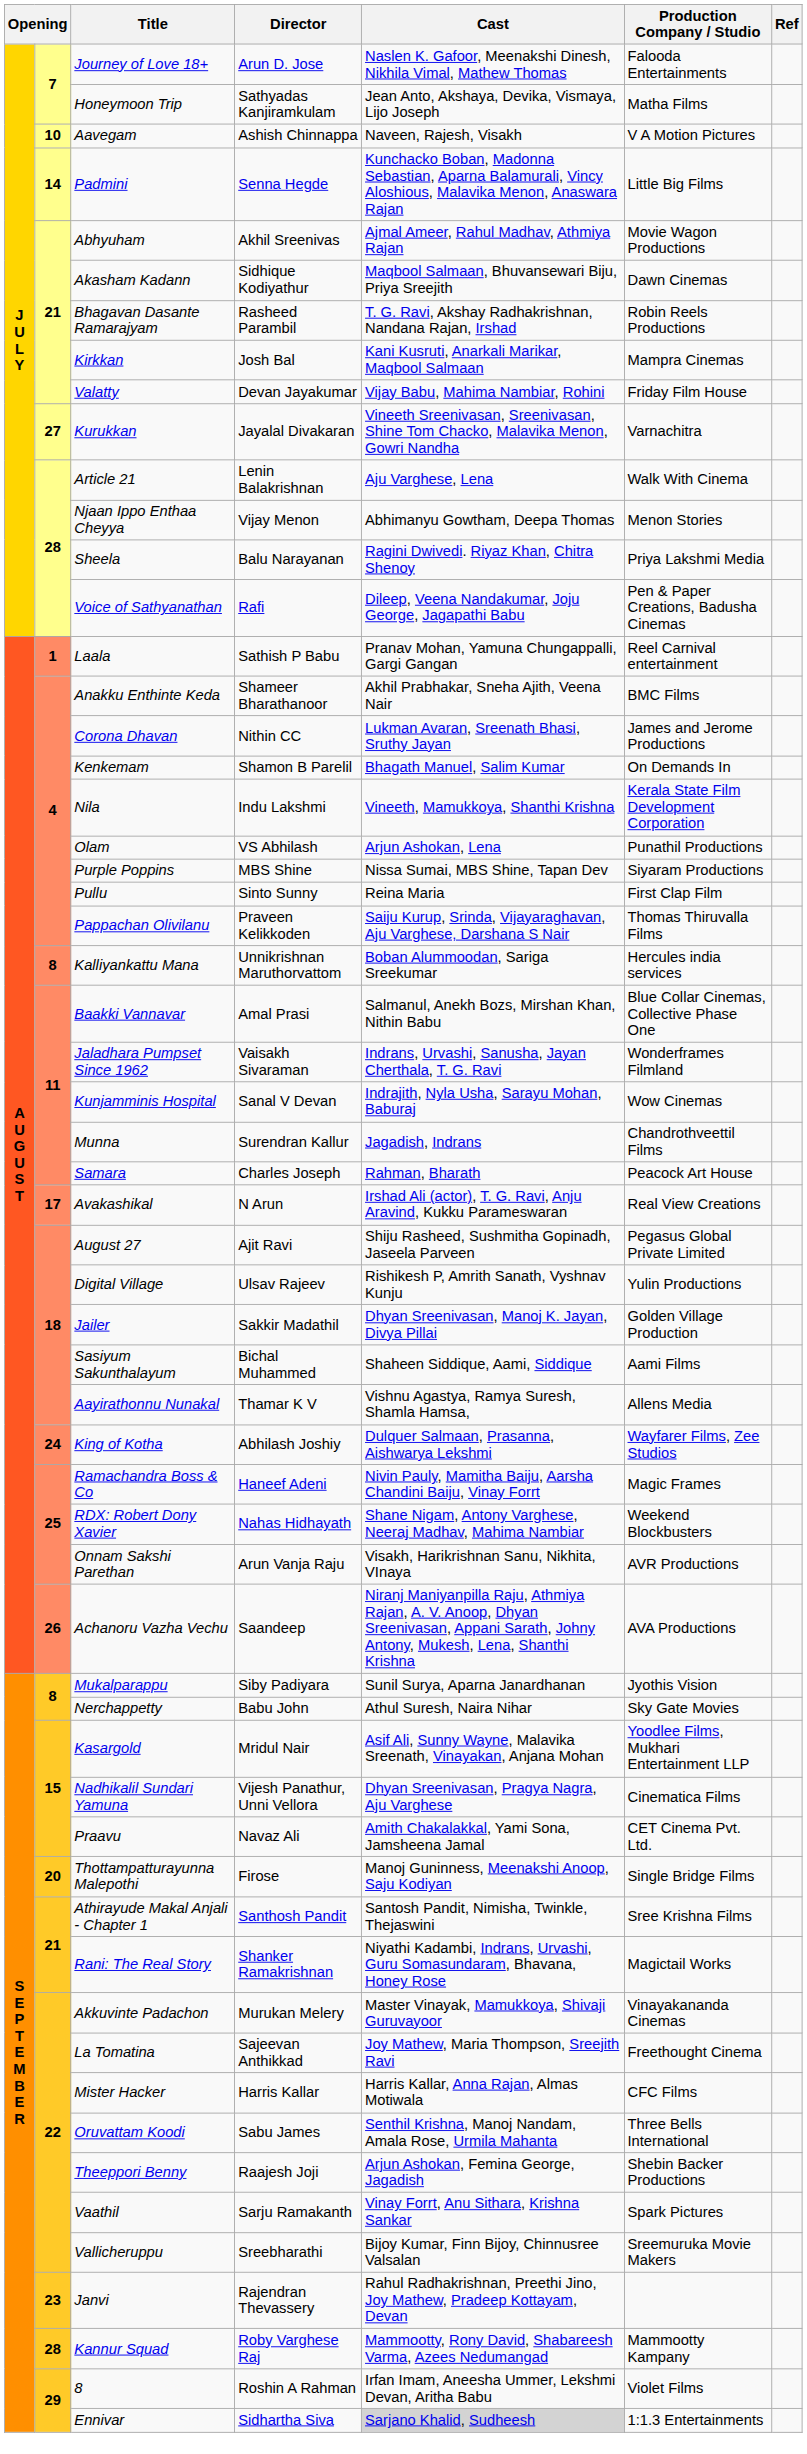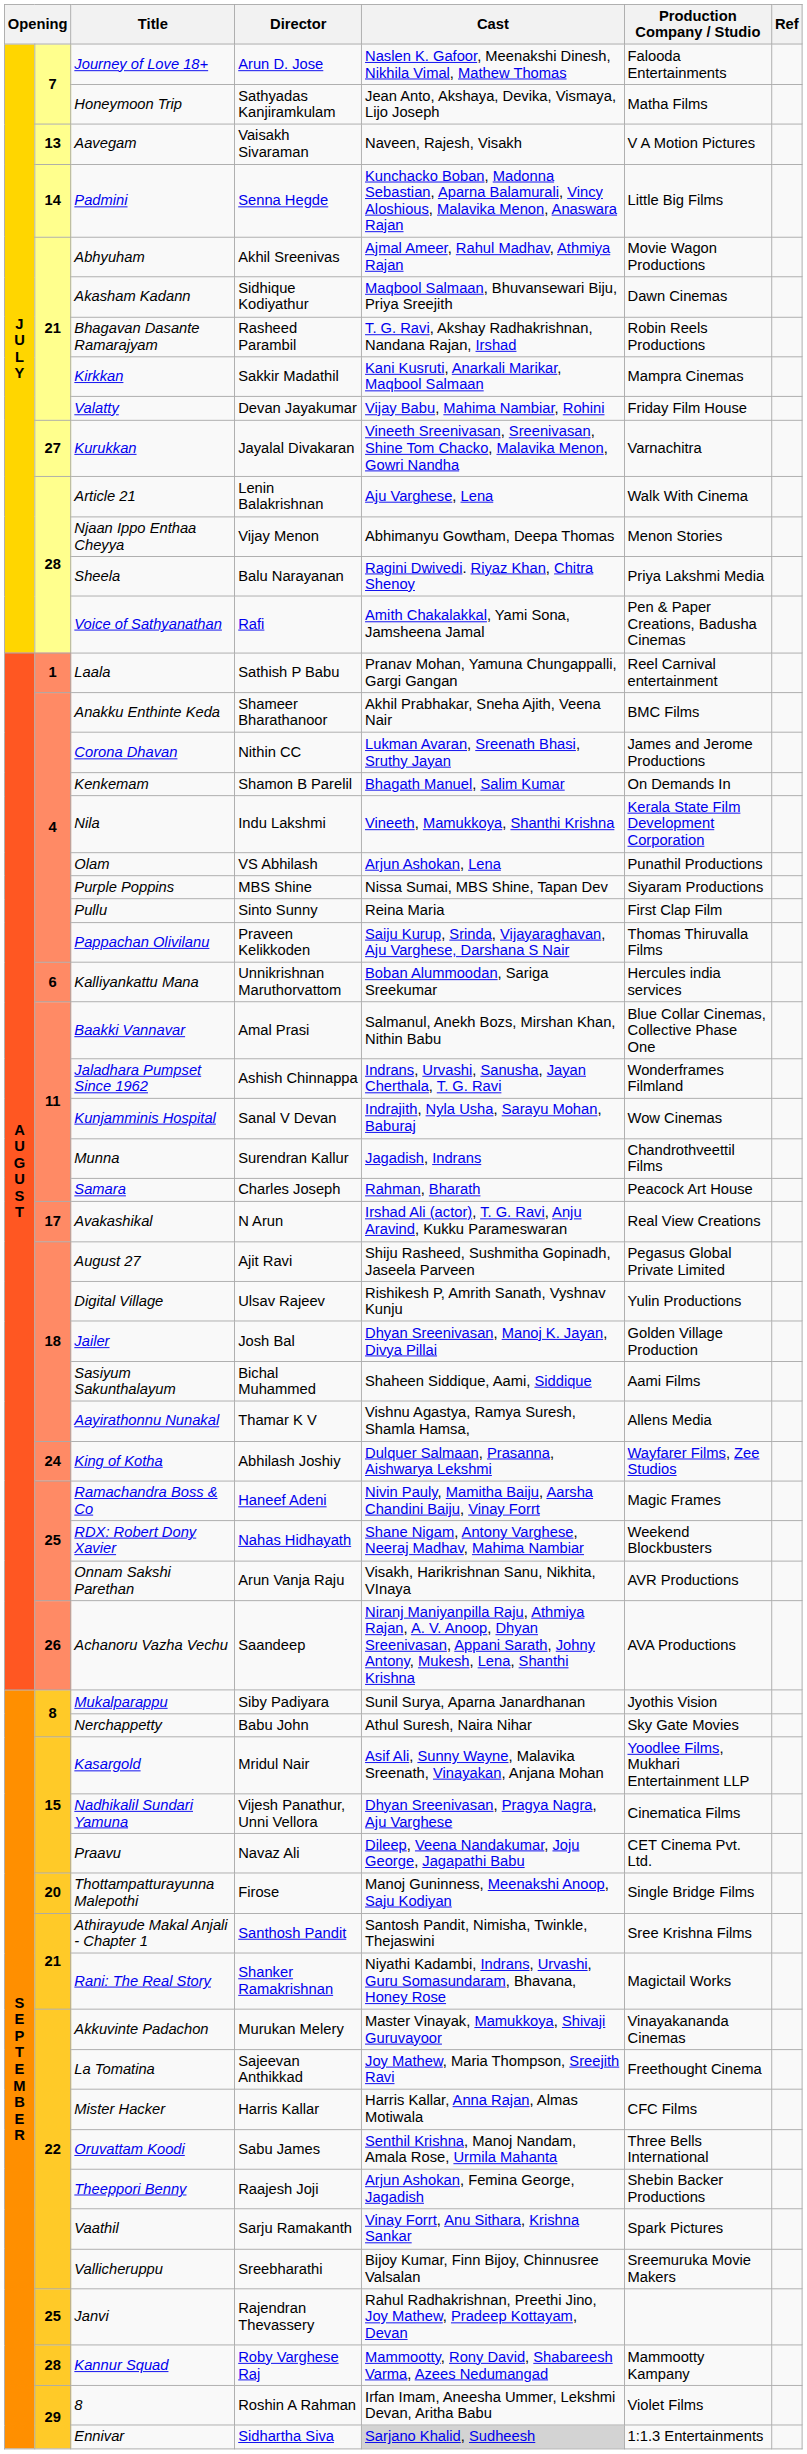 <table class="wikitable sortable">
 <tr>
 <th colspan="2" class="unsortable">Opening</th>
 <th>Title</th>
 <th>Director</th>
 <th>Cast</th>
 <th>Production Company / Studio</th>
 <th>Ref</th>
 </tr>
 <tr>
 <td rowspan="14" style="text-align:center; background:#FFD600; textcolor:#000;"><strong>J<br>U<br>L<br>Y</strong></td>
 <td rowspan="2" style="text-align:center;background:#FFFF8D;"><strong>7</strong></td>
 <td><em><a href='#'>Journey of Love 18+</a></em></td>
 <td><a href='#'>Arun D. Jose</a></td>
 <td><a href='#'>Naslen K. Gafoor</a>, Meenakshi Dinesh, <a href='#'>Nikhila Vimal</a>, <a href='#'>Mathew Thomas</a></td>
 <td>Falooda Entertainments</td>
 <td></td>
 </tr>
 <tr>
 <td><em>Honeymoon Trip</em></td>
 <td>Sathyadas Kanjiramkulam</td>
 <td>Jean Anto, Akshaya, Devika, Vismaya, Lijo Joseph</td>
 <td>Matha Films</td>
 <td></td>
 </tr>
 <tr>
-<td rowspan="1" style="text-align:center;background:#FFFF8D;"><strong>10</strong></td>
+<td rowspan="1" style="text-align:center;background:#FFFF8D;"><strong>13</strong></td>
 <td><em>Aavegam</em></td>
-<td>Ashish Chinnappa</td>
+<td>Vaisakh Sivaraman</td>
 <td>Naveen, Rajesh, Visakh</td>
 <td>V A Motion Pictures</td>
 <td></td>
 </tr>
 <tr>
 <td rowspan="1" style="text-align:center;background:#FFFF8D;"><strong>14</strong></td>
 <td><em><a href='#'>Padmini</a></em></td>
 <td><a href='#'>Senna Hegde</a></td>
 <td><a href='#'>Kunchacko Boban</a>, <a href='#'>Madonna Sebastian</a>, <a href='#'>Aparna Balamurali</a>, <a href='#'>Vincy Aloshious</a>, <a href='#'>Malavika Menon</a>, <a href='#'>Anaswara Rajan</a></td>
 <td>Little Big Films</td>
 <td></td>
 </tr>
 <tr>
 <td rowspan="5" style="text-align:center;background:#FFFF8D;"><strong>21</strong></td>
 <td><em>Abhyuham</em></td>
 <td>Akhil Sreenivas</td>
 <td><a href='#'>Ajmal Ameer</a>, <a href='#'>Rahul Madhav</a>, <a href='#'>Athmiya Rajan</a></td>
 <td>Movie Wagon Productions</td>
 <td></td>
 </tr>
 <tr>
 <td><em>Akasham Kadann</em></td>
 <td>Sidhique Kodiyathur</td>
 <td><a href='#'>Maqbool Salmaan</a>, Bhuvansewari Biju, Priya Sreejith</td>
 <td>Dawn Cinemas</td>
 <td></td>
 </tr>
 <tr>
 <td><em>Bhagavan Dasante Ramarajyam</em></td>
 <td>Rasheed Parambil</td>
 <td><a href='#'>T. G. Ravi</a>, Akshay Radhakrishnan, Nandana Rajan, <a href='#'>Irshad</a></td>
 <td>Robin Reels Productions</td>
 <td></td>
 </tr>
 <tr>
 <td><em><a href='#'>Kirkkan</a></em></td>
-<td>Josh Bal</td>
+<td>Sakkir Madathil</td>
 <td><a href='#'>Kani Kusruti</a>, <a href='#'>Anarkali Marikar</a>, <a href='#'>Maqbool Salmaan</a></td>
 <td>Mampra Cinemas</td>
 <td></td>
 </tr>
 <tr>
 <td><em><a href='#'>Valatty</a></em></td>
 <td>Devan Jayakumar</td>
 <td><a href='#'>Vijay Babu</a>, <a href='#'>Mahima Nambiar</a>, <a href='#'>Rohini</a></td>
 <td>Friday Film House</td>
 <td></td>
 </tr>
 <tr>
 <td style="text-align:center;background:#FFFF8D;"><strong>27</strong></td>
 <td><em><a href='#'>Kurukkan</a></em></td>
 <td>Jayalal Divakaran</td>
 <td><a href='#'>Vineeth Sreenivasan</a>, <a href='#'>Sreenivasan</a>, <a href='#'>Shine Tom Chacko</a>, <a href='#'>Malavika Menon</a>, <a href='#'>Gowri Nandha</a></td>
 <td>Varnachitra</td>
 <td></td>
 </tr>
 <tr>
 <td rowspan="4" style="text-align:center;background:#FFFF8D;"><strong>28</strong></td>
 <td><em>Article 21</em></td>
 <td>Lenin Balakrishnan</td>
 <td><a href='#'>Aju Varghese</a>, <a href='#'>Lena</a></td>
 <td>Walk With Cinema</td>
 <td></td>
 </tr>
 <tr>
 <td><em>Njaan Ippo Enthaa Cheyya</em></td>
 <td>Vijay Menon</td>
 <td>Abhimanyu Gowtham, Deepa Thomas</td>
 <td>Menon Stories</td>
 <td></td>
 </tr>
 <tr>
 <td><em>Sheela</em></td>
 <td>Balu Narayanan</td>
 <td><a href='#'>Ragini Dwivedi</a>. <a href='#'>Riyaz Khan</a>, <a href='#'>Chitra Shenoy</a></td>
 <td>Priya Lakshmi Media</td>
 <td></td>
 </tr>
 <tr>
 <td><em><a href='#'>Voice of Sathyanathan</a></em></td>
 <td><a href='#'>Rafi</a></td>
-<td><a href='#'>Dileep</a>, <a href='#'>Veena Nandakumar</a>, <a href='#'>Joju George</a>, <a href='#'>Jagapathi Babu</a></td>
+<td><a href='#'>Amith Chakalakkal</a>, Yami Sona, Jamsheena Jamal</td>
 <td>Pen & Paper Creations, Badusha Cinemas</td>
 <td></td>
 </tr>
 <tr>
 <td rowspan="26" style="text-align:center;background:#FF5722; textcolor:#000;"><strong>A<br>U<br>G<br>U<br>S<br>T</strong></td>
 <td rowspan="1" style="text-align:center;background:#FF8A65;"><strong>1</strong></td>
 <td><em>Laala</em></td>
 <td>Sathish P Babu</td>
 <td>Pranav Mohan, Yamuna Chungappalli, Gargi Gangan</td>
 <td>Reel Carnival entertainment</td>
 <td></td>
 </tr>
 <tr>
 <td rowspan="8" style="text-align:center;background:#FF8A65;"><strong>4</strong></td>
 <td><em>Anakku Enthinte Keda</em></td>
 <td>Shameer Bharathanoor</td>
 <td>Akhil Prabhakar, Sneha Ajith, Veena Nair</td>
 <td>BMC Films</td>
 <td></td>
 </tr>
 <tr>
 <td><em><a href='#'>Corona Dhavan</a></em></td>
 <td>Nithin CC</td>
 <td><a href='#'>Lukman Avaran</a>, <a href='#'>Sreenath Bhasi</a>, <a href='#'>Sruthy Jayan</a></td>
 <td>James and Jerome Productions</td>
 <td></td>
 </tr>
 <tr>
 <td><em>Kenkemam</em></td>
 <td>Shamon B Parelil</td>
 <td><a href='#'>Bhagath Manuel</a>, <a href='#'>Salim Kumar</a></td>
 <td>On Demands In</td>
 <td></td>
 </tr>
 <tr>
 <td><em>Nila</em></td>
 <td>Indu Lakshmi</td>
 <td><a href='#'>Vineeth</a>, <a href='#'>Mamukkoya</a>, <a href='#'>Shanthi Krishna</a></td>
 <td><a href='#'>Kerala State Film Development Corporation</a></td>
 <td></td>
 </tr>
 <tr>
 <td><em>Olam</em></td>
 <td>VS Abhilash</td>
 <td><a href='#'>Arjun Ashokan</a>, <a href='#'>Lena</a></td>
 <td>Punathil Productions</td>
 <td></td>
 </tr>
 <tr>
 <td><em>Purple Poppins</em></td>
 <td>MBS Shine</td>
 <td>Nissa Sumai, MBS Shine, Tapan Dev</td>
 <td>Siyaram Productions</td>
 <td></td>
 </tr>
 <tr>
 <td><em>Pullu</em></td>
 <td>Sinto Sunny</td>
 <td>Reina Maria</td>
 <td>First Clap Film</td>
 <td></td>
 </tr>
 <tr>
 <td><em><a href='#'>Pappachan Olivilanu</a></em></td>
 <td>Praveen Kelikkoden</td>
 <td><a href='#'>Saiju Kurup</a>, <a href='#'>Srinda</a>, <a href='#'>Vijayaraghavan</a>, <a href='#'>Aju Varghese, Darshana S Nair</a></td>
 <td>Thomas Thiruvalla Films</td>
 <td></td>
 </tr>
 <tr>
-<td rowspan="1" style="text-align:center;background:#FF8A65;"><strong>8</strong></td>
+<td rowspan="1" style="text-align:center;background:#FF8A65;"><strong>6</strong></td>
 <td><em>Kalliyankattu Mana</em></td>
 <td>Unnikrishnan Maruthorvattom</td>
 <td><a href='#'>Boban Alummoodan</a>, Sariga Sreekumar</td>
 <td>Hercules india services</td>
 <td></td>
 </tr>
 <tr>
 <td rowspan="5" style="text-align:center;background:#FF8A65;"><strong>11</strong></td>
 <td><em><a href='#'>Baakki Vannavar</a></em></td>
 <td>Amal Prasi</td>
 <td>Salmanul, Anekh Bozs, Mirshan Khan, Nithin Babu</td>
 <td>Blue Collar Cinemas, Collective Phase One</td>
 <td></td>
 </tr>
 <tr>
 <td><em><a href='#'>Jaladhara Pumpset Since 1962</a></em></td>
-<td>Vaisakh Sivaraman</td>
+<td>Ashish Chinnappa</td>
 <td><a href='#'>Indrans</a>, <a href='#'>Urvashi</a>, <a href='#'>Sanusha</a>, <a href='#'>Jayan Cherthala</a>, <a href='#'>T. G. Ravi</a></td>
 <td>Wonderframes Filmland</td>
 <td></td>
 </tr>
 <tr>
 <td><em><a href='#'>Kunjamminis Hospital</a></em></td>
 <td>Sanal V Devan</td>
 <td><a href='#'>Indrajith</a>, <a href='#'>Nyla Usha</a>, <a href='#'>Sarayu Mohan</a>, <a href='#'>Baburaj</a></td>
 <td>Wow Cinemas</td>
 <td></td>
 </tr>
 <tr>
 <td><em>Munna</em></td>
 <td>Surendran Kallur</td>
 <td><a href='#'>Jagadish</a>, <a href='#'>Indrans</a></td>
 <td>Chandrothveettil Films</td>
 <td></td>
 </tr>
 <tr>
 <td><em><a href='#'>Samara</a></em></td>
 <td>Charles Joseph</td>
 <td><a href='#'>Rahman</a>, <a href='#'>Bharath</a></td>
 <td>Peacock Art House</td>
 <td></td>
 </tr>
 <tr>
 <td rowspan="1" style="text-align:center;background:#FF8A65;"><strong>17</strong></td>
 <td><em>Avakashikal</em></td>
 <td>N Arun</td>
 <td><a href='#'>Irshad Ali (actor)</a>, <a href='#'>T. G. Ravi</a>, <a href='#'>Anju Aravind</a>, Kukku Parameswaran</td>
 <td>Real View Creations</td>
 <td></td>
 </tr>
 <tr>
 <td rowspan="5" style="text-align:center;background:#FF8A65;"><strong>18</strong></td>
 <td><em>August 27</em></td>
 <td>Ajit Ravi</td>
 <td>Shiju Rasheed, Sushmitha Gopinadh, Jaseela Parveen</td>
 <td>Pegasus Global Private Limited</td>
 <td></td>
 </tr>
 <tr>
 <td><em>Digital Village</em></td>
 <td>Ulsav Rajeev</td>
 <td>Rishikesh P, Amrith Sanath, Vyshnav Kunju</td>
 <td>Yulin Productions</td>
 <td></td>
 </tr>
 <tr>
 <td><em><a href='#'>Jailer</a></em></td>
-<td>Sakkir Madathil</td>
+<td>Josh Bal</td>
 <td><a href='#'>Dhyan Sreenivasan</a>, <a href='#'>Manoj K. Jayan</a>, <a href='#'>Divya Pillai</a></td>
 <td>Golden Village Production</td>
 <td></td>
 </tr>
 <tr>
 <td><em>Sasiyum Sakunthalayum</em></td>
 <td>Bichal Muhammed</td>
 <td>Shaheen Siddique, Aami, <a href='#'>Siddique</a></td>
 <td>Aami Films</td>
 <td></td>
 </tr>
 <tr>
 <td><em><a href='#'>Aayirathonnu Nunakal</a></em></td>
 <td>Thamar K V</td>
 <td>Vishnu Agastya, Ramya Suresh, Shamla Hamsa,</td>
 <td>Allens Media</td>
 <td></td>
 </tr>
 <tr>
 <td rowspan="1" style="text-align:center;background:#FF8A65;"><strong>24</strong></td>
 <td><em><a href='#'>King of Kotha</a></em></td>
 <td>Abhilash Joshiy</td>
 <td><a href='#'>Dulquer Salmaan</a>, <a href='#'>Prasanna</a>, <a href='#'>Aishwarya Lekshmi</a></td>
 <td><a href='#'>Wayfarer Films</a>, <a href='#'>Zee Studios</a></td>
 <td></td>
 </tr>
 <tr>
 <td rowspan="3" style="text-align:center;background:#FF8A65;"><strong>25</strong></td>
 <td><em><a href='#'>Ramachandra Boss & Co</a></em></td>
 <td><a href='#'>Haneef Adeni</a></td>
 <td><a href='#'>Nivin Pauly</a>, <a href='#'>Mamitha Baiju</a>, <a href='#'>Aarsha Chandini Baiju</a>, <a href='#'>Vinay Forrt</a></td>
 <td>Magic Frames</td>
 <td></td>
 </tr>
 <tr>
 <td><em><a href='#'>RDX: Robert Dony Xavier</a></em></td>
 <td><a href='#'>Nahas Hidhayath</a></td>
 <td><a href='#'>Shane Nigam</a>, <a href='#'>Antony Varghese</a>, <a href='#'>Neeraj Madhav</a>, <a href='#'>Mahima Nambiar</a></td>
 <td>Weekend Blockbusters</td>
 <td></td>
 </tr>
 <tr>
 <td><em>Onnam Sakshi Parethan</em></td>
 <td>Arun Vanja Raju</td>
 <td>Visakh, Harikrishnan Sanu, Nikhita, VInaya</td>
 <td>AVR Productions</td>
 <td></td>
 </tr>
 <tr>
 <td style="text-align:center;background:#FF8A65;"><strong>26</strong></td>
 <td><em>Achanoru Vazha Vechu</em></td>
 <td>Saandeep</td>
 <td><a href='#'>Niranj Maniyanpilla Raju</a>, <a href='#'>Athmiya Rajan</a>, <a href='#'>A. V. Anoop</a>, <a href='#'>Dhyan Sreenivasan</a>, <a href='#'>Appani Sarath</a>, <a href='#'>Johny Antony</a>, <a href='#'>Mukesh</a>, <a href='#'>Lena</a>, <a href='#'>Shanthi Krishna</a></td>
 <td>AVA Productions</td>
 <td></td>
 </tr>
 <tr>
 <td rowspan="19" style="text-align:center; background:#FF8F00; "><strong>S<br>E<br>P<br>T<br>E<br>M<br>B<br>E<br>R<br></strong></td>
 <td rowspan="2" style="text-align:center; background:#FFCA28;"><strong>8</strong></td>
 <td><em><a href='#'>Mukalparappu</a></em></td>
 <td>Siby Padiyara</td>
 <td>Sunil Surya, Aparna Janardhanan</td>
 <td>Jyothis Vision</td>
 <td></td>
 </tr>
 <tr>
 <td><em>Nerchappetty</em></td>
 <td>Babu John</td>
 <td>Athul Suresh, Naira Nihar</td>
 <td>Sky Gate Movies</td>
 <td></td>
 </tr>
 <tr>
 <td rowspan="3" style="text-align:center; background:#FFCA28;"><strong>15</strong></td>
 <td><em><a href='#'>Kasargold</a></em></td>
 <td>Mridul Nair</td>
 <td><a href='#'>Asif Ali</a>, <a href='#'>Sunny Wayne</a>, Malavika Sreenath, <a href='#'>Vinayakan</a>, Anjana Mohan</td>
 <td><a href='#'>Yoodlee Films</a>, Mukhari Entertainment LLP</td>
 <td></td>
 </tr>
 <tr>
 <td><em><a href='#'>Nadhikalil Sundari Yamuna</a></em></td>
 <td>Vijesh Panathur, Unni Vellora</td>
 <td><a href='#'>Dhyan Sreenivasan</a>, <a href='#'>Pragya Nagra</a>, <a href='#'>Aju Varghese</a></td>
 <td>Cinematica Films</td>
 <td></td>
 </tr>
 <tr>
 <td><em>Praavu</em></td>
 <td>Navaz Ali</td>
-<td><a href='#'>Amith Chakalakkal</a>, Yami Sona, Jamsheena Jamal</td>
+<td><a href='#'>Dileep</a>, <a href='#'>Veena Nandakumar</a>, <a href='#'>Joju George</a>, <a href='#'>Jagapathi Babu</a></td>
 <td>CET Cinema Pvt. Ltd.</td>
 <td></td>
 </tr>
 <tr>
 <td style="text-align:center; background:#FFCA28;"><strong>20</strong></td>
 <td><em>Thottampatturayunna Malepothi</em></td>
 <td>Firose</td>
 <td>Manoj Guninness, <a href='#'>Meenakshi Anoop</a>, <a href='#'>Saju Kodiyan</a></td>
 <td>Single Bridge Films</td>
 <td></td>
 </tr>
 <tr>
 <td rowspan="2" style="text-align:center; background:#FFCA28;"><strong>21</strong></td>
 <td><em>Athirayude Makal Anjali - Chapter 1</em></td>
 <td><a href='#'>Santhosh Pandit</a></td>
 <td>Santosh Pandit, Nimisha, Twinkle, Thejaswini</td>
 <td>Sree Krishna Films</td>
 <td></td>
 </tr>
 <tr>
 <td><em><a href='#'>Rani: The Real Story</a></em></td>
 <td><a href='#'>Shanker Ramakrishnan</a></td>
 <td>Niyathi Kadambi, <a href='#'>Indrans</a>, <a href='#'>Urvashi</a>, <a href='#'>Guru Somasundaram</a>, Bhavana, <a href='#'>Honey Rose</a></td>
 <td>Magictail Works</td>
 <td></td>
 </tr>
 <tr>
 <td rowspan="7" style="text-align:center; background:#FFCA28;"><strong>22</strong></td>
 <td><em>Akkuvinte Padachon</em></td>
 <td>Murukan Melery</td>
 <td>Master Vinayak, <a href='#'>Mamukkoya</a>, <a href='#'>Shivaji Guruvayoor</a></td>
 <td>Vinayakananda Cinemas</td>
 <td></td>
 </tr>
 <tr>
 <td><em>La Tomatina</em></td>
 <td>Sajeevan Anthikkad</td>
 <td><a href='#'>Joy Mathew</a>, Maria Thompson, <a href='#'>Sreejith Ravi</a></td>
 <td>Freethought Cinema</td>
 <td></td>
 </tr>
 <tr>
 <td><em>Mister Hacker</em></td>
 <td>Harris Kallar</td>
 <td>Harris Kallar, <a href='#'>Anna Rajan</a>, Almas Motiwala</td>
 <td>CFC Films</td>
 <td></td>
 </tr>
 <tr>
 <td><em><a href='#'>Oruvattam Koodi</a></em></td>
 <td>Sabu James</td>
 <td><a href='#'>Senthil Krishna</a>, Manoj Nandam, Amala Rose, <a href='#'>Urmila Mahanta</a></td>
 <td>Three Bells International</td>
 <td></td>
 </tr>
 <tr>
 <td><em><a href='#'>Theeppori Benny</a></em></td>
 <td>Raajesh Joji</td>
 <td><a href='#'>Arjun Ashokan</a>, Femina George, <a href='#'>Jagadish</a></td>
 <td>Shebin Backer Productions</td>
 <td></td>
 </tr>
 <tr>
 <td><em>Vaathil</em></td>
 <td>Sarju Ramakanth</td>
 <td><a href='#'>Vinay Forrt</a>, <a href='#'>Anu Sithara</a>, <a href='#'>Krishna Sankar</a></td>
 <td>Spark Pictures</td>
 <td></td>
 </tr>
 <tr>
 <td><em>Vallicheruppu</em></td>
 <td>Sreebharathi</td>
 <td>Bijoy Kumar, Finn Bijoy, Chinnusree Valsalan</td>
 <td>Sreemuruka Movie Makers</td>
 <td></td>
 </tr>
 <tr>
-<td rowspan="1" style="text-align:center; background:#FFCA28;"><strong>23</strong></td>
+<td rowspan="1" style="text-align:center; background:#FFCA28;"><strong>25</strong></td>
 <td><em>Janvi</em></td>
 <td>Rajendran Thevassery</td>
 <td>Rahul Radhakrishnan, Preethi Jino, <a href='#'>Joy Mathew</a>, <a href='#'>Pradeep Kottayam</a>, <a href='#'>Devan</a></td>
 <td></td>
 <td></td>
 </tr>
 <tr>
 <td rowspan="1" style="text-align:center; background:#FFCA28;"><strong>28</strong></td>
 <td><em><a href='#'>Kannur Squad</a></em></td>
 <td><a href='#'>Roby Varghese Raj</a></td>
 <td><a href='#'>Mammootty</a>, <a href='#'>Rony David</a>, <a href='#'>Shabareesh Varma</a>, <a href='#'>Azees Nedumangad</a></td>
 <td>Mammootty Kampany</td>
 <td></td>
 </tr>
 <tr>
 <td rowspan="2" style="text-align:center; background:#FFCA28;"><strong>29</strong></td>
 <td><em>8</em></td>
 <td>Roshin A Rahman</td>
 <td>Irfan Imam, Aneesha Ummer, Lekshmi Devan, Aritha Babu</td>
 <td>Violet Films</td>
 <td></td>
 </tr>
 <tr>
 <td><em>Ennivar</em></td>
 <td><a href='#'>Sidhartha Siva</a></td>
 <td style="background: lightgrey;"><a href='#'>Sarjano Khalid</a>, <a href='#'>Sudheesh</a></td>
 <td>1:1.3 Entertainments</td>
 <td></td>
 </tr>
 </table>
